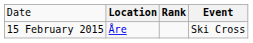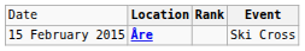 <table class="wikitable sortable" style="font-size:90%" style="text-align:center">
 <tr>
 <td>Date</td>
 <th>Location</th>
 <th>Rank</th>
 <th>Event</th>
 </tr>
 <tr>
 <td>15 February 2015</td>
-<td><a href='#'>Åre</a></td>
+<td><strong><a href='#'>Åre</a></strong></td>
 <td></td>
 <td>Ski Cross</td>
 </tr>
 </table>
